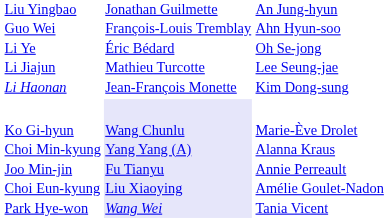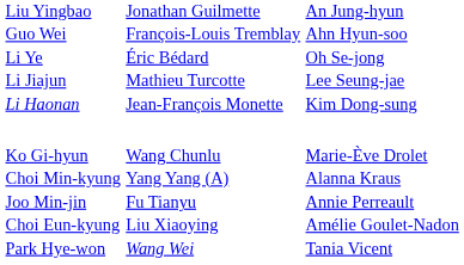 <table>
 <tr>
 <th scope=row style="text-align:left"><br></th>
 <td valign="top"><strong></strong><small><br><a href='#'>Liu Yingbao</a><br><a href='#'>Guo Wei</a><br><a href='#'>Li Ye</a><br><a href='#'>Li Jiajun</a><br><em><a href='#'>Li Haonan</a></em></small></td>
 <td valign="top"><strong></strong><small><br><a href='#'>Jonathan Guilmette</a><br><a href='#'>François-Louis Tremblay</a><br><a href='#'>Éric Bédard</a><br><a href='#'>Mathieu Turcotte</a><br><a href='#'>Jean-François Monette</a></small></td>
 <td valign="top"><strong></strong><small><br><a href='#'>An Jung-hyun</a><br><a href='#'>Ahn Hyun-soo</a><br><a href='#'>Oh Se-jong</a><br><a href='#'>Lee Seung-jae</a><br><a href='#'>Kim Dong-sung</a></small></td>
 </tr>
 <tr>
 <th scope=row style="text-align:left"><br></th>
 <td valign="top"><strong></strong><small><br><a href='#'>Ko Gi-hyun</a><br><a href='#'>Choi Min-kyung</a><br><a href='#'>Joo Min-jin</a><br><a href='#'>Choi Eun-kyung</a><br><a href='#'>Park Hye-won</a></small></td>
-<td valign="top" style="background: lavender;"><strong></strong><small><br><a href='#'>Wang Chunlu</a><br><a href='#'>Yang Yang (A)</a><br><a href='#'>Fu Tianyu</a><br><a href='#'>Liu Xiaoying</a><br><em><a href='#'>Wang Wei</a></em></small></td>
+<td valign="top"><strong></strong><small><br><a href='#'>Wang Chunlu</a><br><a href='#'>Yang Yang (A)</a><br><a href='#'>Fu Tianyu</a><br><a href='#'>Liu Xiaoying</a><br><em><a href='#'>Wang Wei</a></em></small></td>
 <td valign="top"><strong></strong><small><br><a href='#'>Marie-Ève Drolet</a><br><a href='#'>Alanna Kraus</a><br><a href='#'>Annie Perreault</a><br><a href='#'>Amélie Goulet-Nadon</a><br><a href='#'>Tania Vicent</a></small></td>
 </tr>
 </table>
